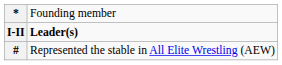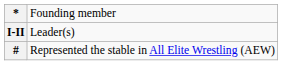 <table class="wikitable">
 <tr>
 <th>*</th>
 <td>Founding member</td>
 </tr>
 <tr>
 <th>I-II</th>
-<td><strong>Leader(s)</strong></td>
+<td>Leader(s)</td>
 </tr>
 <tr>
 <th>#</th>
 <td>Represented the stable in <a href='#'>All Elite Wrestling</a> (AEW)</td>
 </tr>
 </table>
